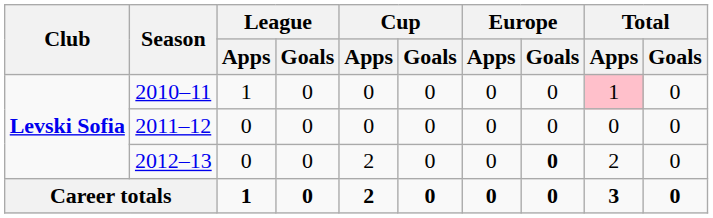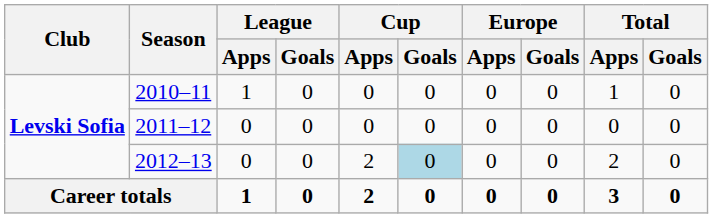 <table class="wikitable" style="text-align: center;">
 <tr>
 <th rowspan="2">Club</th>
 <th rowspan="2">Season</th>
 <th colspan="2">League</th>
 <th colspan="2">Cup</th>
 <th colspan="2">Europe</th>
 <th colspan="2">Total</th>
 </tr>
 <tr>
 <th>Apps</th>
 <th>Goals</th>
 <th>Apps</th>
 <th>Goals</th>
 <th>Apps</th>
 <th>Goals</th>
 <th>Apps</th>
 <th>Goals</th>
 </tr>
 <tr>
 <td rowspan="3" valign="center"><strong><a href='#'>Levski Sofia</a></strong></td>
 <td><a href='#'>2010–11</a></td>
 <td>1</td>
 <td>0</td>
 <td>0</td>
 <td>0</td>
 <td>0</td>
 <td>0</td>
-<td style="background: pink;">1</td>
+<td>1</td>
 <td>0</td>
 </tr>
 <tr>
 <td><a href='#'>2011–12</a></td>
 <td>0</td>
 <td>0</td>
 <td>0</td>
 <td>0</td>
 <td>0</td>
 <td>0</td>
 <td>0</td>
 <td>0</td>
 </tr>
 <tr>
 <td><a href='#'>2012–13</a></td>
 <td>0</td>
 <td>0</td>
 <td>2</td>
+<td style="background: lightblue;">0</td>
 <td>0</td>
 <td>0</td>
-<td><strong>0</strong></td>
 <td>2</td>
 <td>0</td>
 </tr>
 <tr>
 <th colspan="2"><strong>Career totals</strong></th>
 <td><strong>1</strong></td>
 <td><strong>0</strong></td>
 <td><strong>2</strong></td>
 <td><strong>0</strong></td>
 <td><strong>0</strong></td>
 <td><strong>0</strong></td>
 <td><strong>3</strong></td>
 <td><strong>0</strong></td>
 </tr>
 </table>
